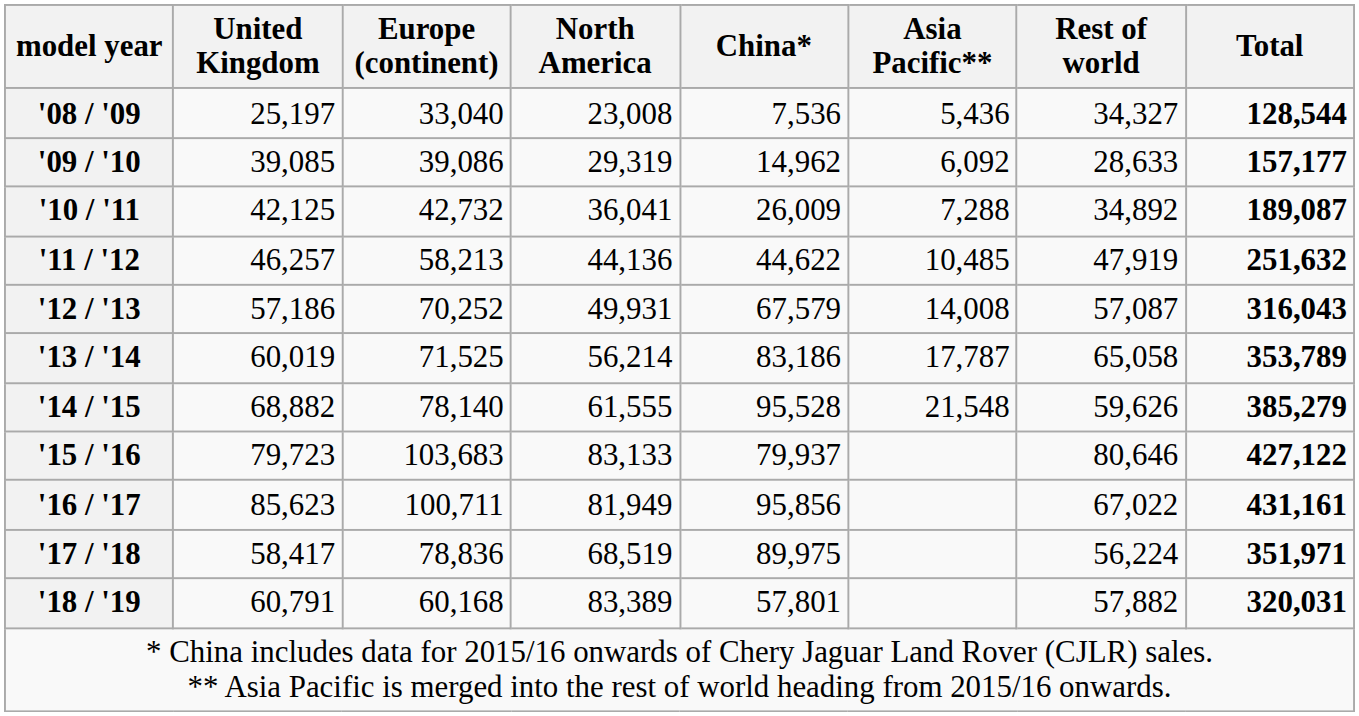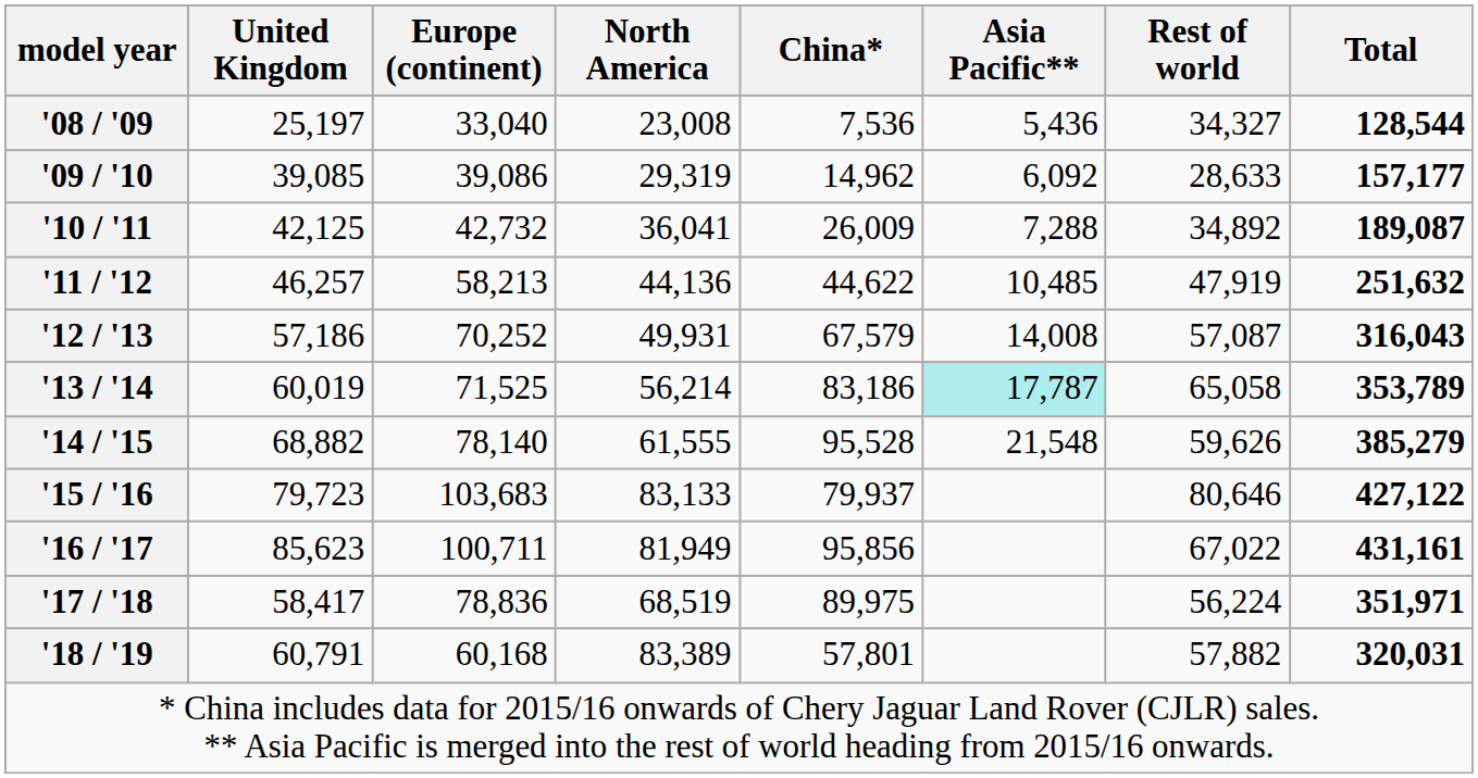 <table class="wikitable" style="text-align:right;">
 <tr>
 <th style="width:5em;">model year</th>
 <th style="width:5em;">United Kingdom</th>
 <th style="width:5em;">Europe (continent)</th>
 <th style="width:5em;">North America</th>
 <th style="width:5em;">China*</th>
 <th style="width:5em;">Asia Pacific**</th>
 <th style="width:5em;">Rest of world</th>
 <th style="width:5em;">Total</th>
 </tr>
 <tr>
 <th>'08 / '09</th>
 <td>25,197</td>
 <td>33,040</td>
 <td>23,008</td>
 <td>7,536</td>
 <td>5,436</td>
 <td>34,327</td>
 <td><strong>128,544</strong></td>
 </tr>
 <tr>
 <th>'09 / '10</th>
 <td>39,085</td>
 <td>39,086</td>
 <td>29,319</td>
 <td>14,962</td>
 <td>6,092</td>
 <td>28,633</td>
 <td><strong>157,177</strong></td>
 </tr>
 <tr>
 <th>'10 / '11</th>
 <td>42,125</td>
 <td>42,732</td>
 <td>36,041</td>
 <td>26,009</td>
 <td>7,288</td>
 <td>34,892</td>
 <td><strong>189,087</strong></td>
 </tr>
 <tr>
 <th>'11 / '12</th>
 <td>46,257</td>
 <td>58,213</td>
 <td>44,136</td>
 <td>44,622</td>
 <td>10,485</td>
 <td>47,919</td>
 <td><strong>251,632</strong></td>
 </tr>
 <tr>
 <th>'12 / '13</th>
 <td>57,186</td>
 <td>70,252</td>
 <td>49,931</td>
 <td>67,579</td>
 <td>14,008</td>
 <td>57,087</td>
 <td><strong>316,043</strong></td>
 </tr>
 <tr>
 <th>'13 / '14</th>
 <td>60,019</td>
 <td>71,525</td>
 <td>56,214</td>
 <td>83,186</td>
-<td>17,787</td>
+<td style="background: paleturquoise;">17,787</td>
 <td>65,058</td>
 <td><strong>353,789</strong></td>
 </tr>
 <tr>
 <th>'14 / '15</th>
 <td>68,882</td>
 <td>78,140</td>
 <td>61,555</td>
 <td>95,528</td>
 <td>21,548</td>
 <td>59,626</td>
 <td><strong>385,279</strong></td>
 </tr>
 <tr>
 <th>'15 / '16</th>
 <td>79,723</td>
 <td>103,683</td>
 <td>83,133</td>
 <td>79,937</td>
 <td></td>
 <td>80,646</td>
 <td><strong>427,122</strong></td>
 </tr>
 <tr>
 <th>'16 / '17</th>
 <td>85,623</td>
 <td>100,711</td>
 <td>81,949</td>
 <td>95,856</td>
 <td></td>
 <td>67,022</td>
 <td><strong>431,161</strong></td>
 </tr>
 <tr>
 <th>'17 / '18</th>
 <td>58,417</td>
 <td>78,836</td>
 <td>68,519</td>
 <td>89,975</td>
 <td></td>
 <td>56,224</td>
 <td><strong>351,971</strong></td>
 </tr>
 <tr>
 <th>'18 / '19</th>
 <td>60,791</td>
 <td>60,168</td>
 <td>83,389</td>
 <td>57,801</td>
 <td></td>
 <td>57,882</td>
 <td><strong>320,031</strong></td>
 </tr>
 <tr>
 <td colspan="8" style="text-align:center">* China includes data for 2015/16 onwards of Chery Jaguar Land Rover (CJLR) sales. <br> ** Asia Pacific is merged into the rest of world heading from 2015/16 onwards.</td>
 </tr>
 </table>
